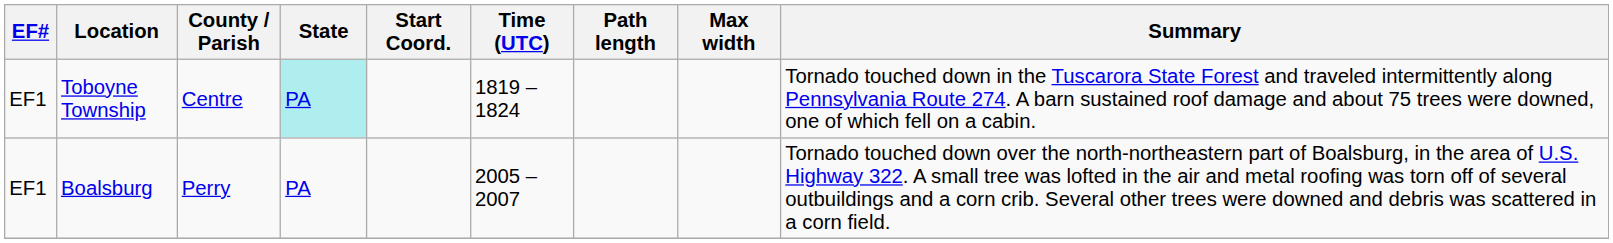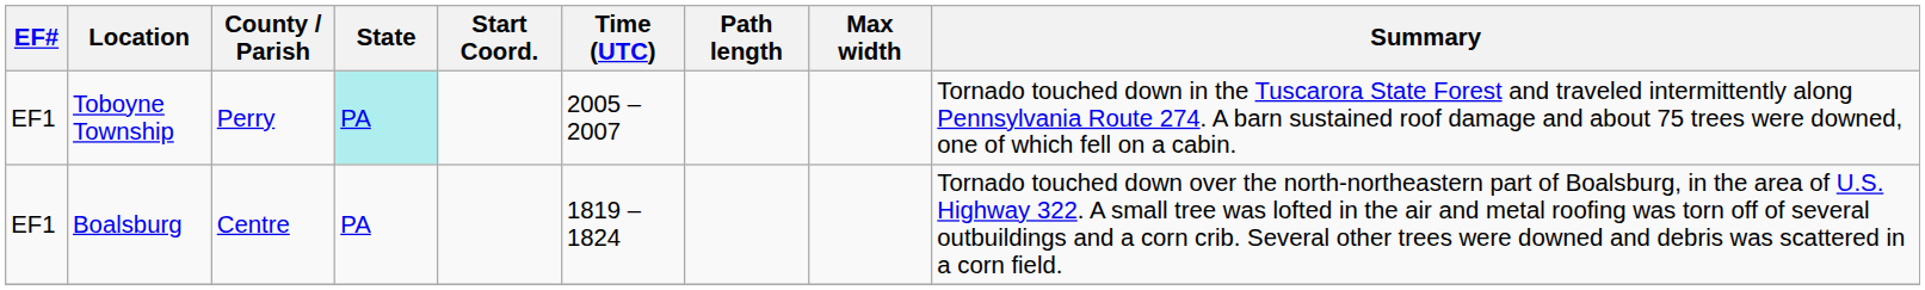 <table class="wikitable sortable" style="width:100%;">
 <tr>
 <th scope="col" width="3%" align="center"><a href='#'>EF#</a></th>
 <th scope="col" width="7%" align="center" class="unsortable">Location</th>
 <th scope="col" width="6%" align="center" class="unsortable">County / Parish</th>
 <th scope="col" width="5%" align="center">State</th>
 <th scope="col" width="6%" align="center">Start Coord.</th>
 <th scope="col" width="6%" align="center">Time (<a href='#'>UTC</a>)</th>
 <th scope="col" width="6%" align="center">Path length</th>
 <th scope="col" width="6%" align="center">Max width</th>
 <th scope="col" width="48%" class="unsortable" align="center">Summary</th>
 </tr>
 <tr>
 <td>EF1</td>
 <td><a href='#'>Toboyne Township</a></td>
-<td><a href='#'>Centre</a></td>
+<td><a href='#'>Perry</a></td>
 <td style="background: paleturquoise;"><a href='#'>PA</a></td>
 <td></td>
-<td>1819 – 1824</td>
+<td>2005 – 2007</td>
 <td></td>
 <td></td>
 <td>Tornado touched down in the <a href='#'>Tuscarora State Forest</a> and traveled intermittently along <a href='#'>Pennsylvania Route 274</a>. A barn sustained roof damage and about 75 trees were downed, one of which fell on a cabin.</td>
 </tr>
 <tr>
 <td>EF1</td>
 <td><a href='#'>Boalsburg</a></td>
-<td><a href='#'>Perry</a></td>
+<td><a href='#'>Centre</a></td>
 <td><a href='#'>PA</a></td>
 <td></td>
-<td>2005 – 2007</td>
+<td>1819 – 1824</td>
 <td></td>
 <td></td>
 <td>Tornado touched down over the north-northeastern part of Boalsburg, in the area of <a href='#'>U.S. Highway 322</a>. A small tree was lofted  in the air and metal roofing was torn off of several outbuildings and a corn crib. Several other trees were downed and debris was scattered in a corn field.</td>
 </tr>
 <tr>
 </tr>
 </table>
